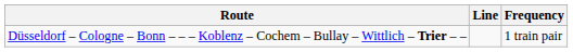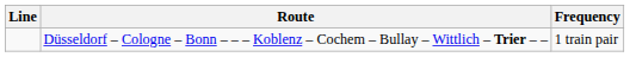 <table class="wikitable">
 <tr class=>
+<th>Line</th>
 <th>Route</th>
-<th>Line</th>
 <th>Frequency</th>
 </tr>
 <tr>
+<td></td>
 <td><a href='#'>Düsseldorf</a> – <a href='#'>Cologne</a> – <a href='#'>Bonn</a> –  –  – <a href='#'>Koblenz</a> – Cochem – Bullay – <a href='#'>Wittlich</a> – <strong>Trier</strong> –  – </td>
-<td></td>
 <td>1 train pair</td>
 </tr>
 </table>
